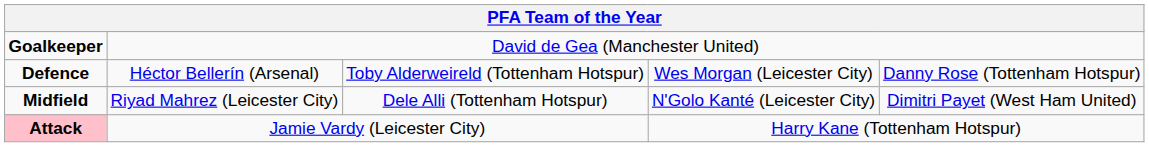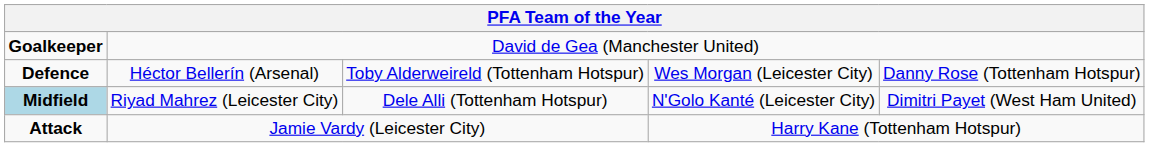 <table class="wikitable" style="text-align:center">
 <tr>
 <th colspan="13"><a href='#'>PFA Team of the Year</a></th>
 </tr>
 <tr>
 <td><strong>Goalkeeper</strong></td>
 <td colspan="12"> <a href='#'>David de Gea</a> (Manchester United)</td>
 </tr>
 <tr>
 <td><strong>Defence</strong></td>
 <td colspan="3"> <a href='#'>Héctor Bellerín</a> (Arsenal)</td>
 <td colspan="3"> <a href='#'>Toby Alderweireld</a> (Tottenham Hotspur)</td>
 <td colspan="3"> <a href='#'>Wes Morgan</a> (Leicester City)</td>
 <td colspan="3"> <a href='#'>Danny Rose</a> (Tottenham Hotspur)</td>
 </tr>
 <tr>
-<td><strong>Midfield</strong></td>
+<td style="background: lightblue;"><strong>Midfield</strong></td>
 <td colspan="3"> <a href='#'>Riyad Mahrez</a> (Leicester City)</td>
 <td colspan="3"> <a href='#'>Dele Alli</a> (Tottenham Hotspur)</td>
 <td colspan="3"> <a href='#'>N'Golo Kanté</a> (Leicester City)</td>
 <td colspan="3"> <a href='#'>Dimitri Payet</a> (West Ham United)</td>
 </tr>
 <tr>
-<td style="background: pink;"><strong>Attack</strong></td>
+<td><strong>Attack</strong></td>
 <td colspan="6"> <a href='#'>Jamie Vardy</a> (Leicester City)</td>
 <td colspan="6"> <a href='#'>Harry Kane</a> (Tottenham Hotspur)</td>
 </tr>
 </table>
